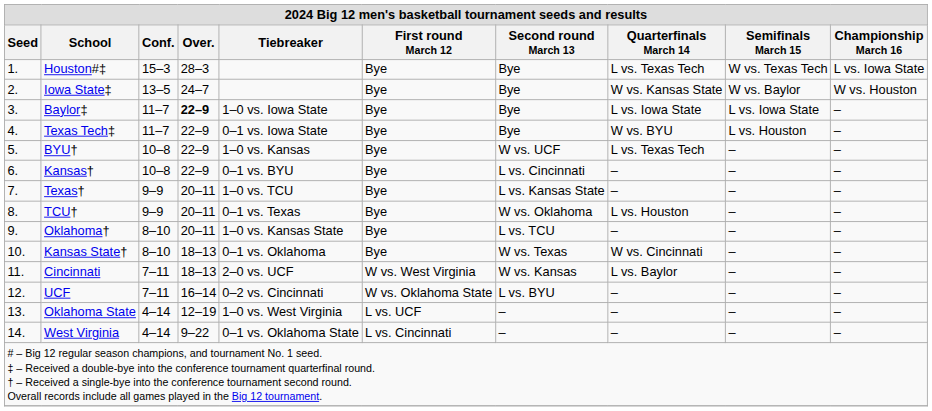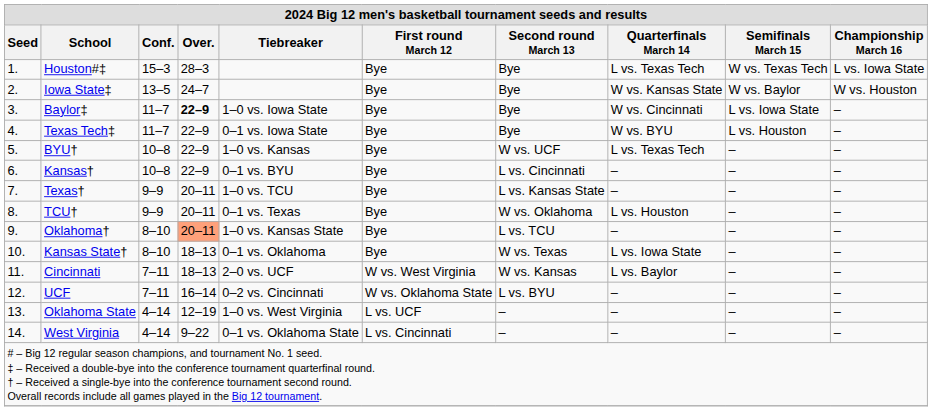 <table class="wikitable" style="white-space:nowrap; font-size:90%;">
 <tr>
 <td colspan="10" style="text-align:center; background:#DDDDDD; font:#000000"><strong>2024 Big 12 men's basketball tournament seeds and results</strong></td>
 </tr>
 <tr bgcolor="#efefef">
 <th>Seed</th>
 <th>School</th>
 <th>Conf.</th>
 <th>Over.</th>
 <th>Tiebreaker</th>
 <th>First round<br><small>March 12</small></th>
 <th>Second round<br><small>March 13</small></th>
 <th>Quarterfinals<br><small>March 14</small></th>
 <th>Semifinals<br><small>March 15</small></th>
 <th>Championship<br><small>March 16</small></th>
 </tr>
 <tr>
 <td>1.</td>
 <td><a href='#'>Houston</a>#‡</td>
 <td>15–3</td>
 <td>28–3</td>
 <td></td>
 <td>Bye</td>
 <td>Bye</td>
 <td>L vs. Texas Tech</td>
 <td>W vs. Texas Tech</td>
 <td>L vs. Iowa State</td>
 </tr>
 <tr>
 <td>2.</td>
 <td><a href='#'>Iowa State</a>‡</td>
 <td>13–5</td>
 <td>24–7</td>
 <td></td>
 <td>Bye</td>
 <td>Bye</td>
 <td>W vs. Kansas State</td>
 <td>W vs. Baylor</td>
 <td>W vs. Houston</td>
 </tr>
 <tr>
 <td>3.</td>
 <td><a href='#'>Baylor</a>‡</td>
 <td>11–7</td>
 <td><strong>22–9</strong></td>
 <td>1–0 vs. Iowa State</td>
 <td>Bye</td>
 <td>Bye</td>
-<td>L vs. Iowa State</td>
+<td>W vs. Cincinnati</td>
 <td>L vs. Iowa State</td>
 <td>–</td>
 </tr>
 <tr>
 <td>4.</td>
 <td><a href='#'>Texas Tech</a>‡</td>
 <td>11–7</td>
 <td>22–9</td>
 <td>0–1 vs. Iowa State</td>
 <td>Bye</td>
 <td>Bye</td>
 <td>W vs. BYU</td>
 <td>L vs. Houston</td>
 <td>–</td>
 </tr>
 <tr>
 <td>5.</td>
 <td><a href='#'>BYU</a>†</td>
 <td>10–8</td>
 <td>22–9</td>
 <td>1–0 vs. Kansas</td>
 <td>Bye</td>
 <td>W vs. UCF</td>
 <td>L vs. Texas Tech</td>
 <td>–</td>
 <td>–</td>
 </tr>
 <tr>
 <td>6.</td>
 <td><a href='#'>Kansas</a>†</td>
 <td>10–8</td>
 <td>22–9</td>
 <td>0–1 vs. BYU</td>
 <td>Bye</td>
 <td>L vs. Cincinnati</td>
 <td>–</td>
 <td>–</td>
 <td>–</td>
 </tr>
 <tr>
 <td>7.</td>
 <td><a href='#'>Texas</a>†</td>
 <td>9–9</td>
 <td>20–11</td>
 <td>1–0 vs. TCU</td>
 <td>Bye</td>
 <td>L vs. Kansas State</td>
 <td>–</td>
 <td>–</td>
 <td>–</td>
 </tr>
 <tr>
 <td>8.</td>
 <td><a href='#'>TCU</a>†</td>
 <td>9–9</td>
 <td>20–11</td>
 <td>0–1 vs. Texas</td>
 <td>Bye</td>
 <td>W vs. Oklahoma</td>
 <td>L vs. Houston</td>
 <td>–</td>
 <td>–</td>
 </tr>
 <tr>
 <td>9.</td>
 <td><a href='#'>Oklahoma</a>†</td>
 <td>8–10</td>
-<td>20–11</td>
+<td style="background: lightsalmon;">20–11</td>
 <td>1–0 vs. Kansas State</td>
 <td>Bye</td>
 <td>L vs. TCU</td>
 <td>–</td>
 <td>–</td>
 <td>–</td>
 </tr>
 <tr>
 <td>10.</td>
 <td><a href='#'>Kansas State</a>†</td>
 <td>8–10</td>
 <td>18–13</td>
 <td>0–1 vs. Oklahoma</td>
 <td>Bye</td>
 <td>W vs. Texas</td>
-<td>W vs. Cincinnati</td>
+<td>L vs. Iowa State</td>
 <td>–</td>
 <td>–</td>
 </tr>
 <tr>
 <td>11.</td>
 <td><a href='#'>Cincinnati</a></td>
 <td>7–11</td>
 <td>18–13</td>
 <td>2–0 vs. UCF</td>
 <td>W vs. West Virginia</td>
 <td>W vs. Kansas</td>
 <td>L vs. Baylor</td>
 <td>–</td>
 <td>–</td>
 </tr>
 <tr>
 <td>12.</td>
 <td><a href='#'>UCF</a></td>
 <td>7–11</td>
 <td>16–14</td>
 <td>0–2 vs. Cincinnati</td>
 <td>W vs. Oklahoma State</td>
 <td>L vs. BYU</td>
 <td>–</td>
 <td>–</td>
 <td>–</td>
 </tr>
 <tr>
 <td>13.</td>
 <td><a href='#'>Oklahoma State</a></td>
 <td>4–14</td>
 <td>12–19</td>
 <td>1–0 vs. West Virginia</td>
 <td>L vs. UCF</td>
 <td>–</td>
 <td>–</td>
 <td>–</td>
 <td>–</td>
 </tr>
 <tr>
 <td>14.</td>
 <td><a href='#'>West Virginia</a></td>
 <td>4–14</td>
 <td>9–22</td>
 <td>0–1 vs. Oklahoma State</td>
 <td>L vs. Cincinnati</td>
 <td>–</td>
 <td>–</td>
 <td>–</td>
 <td>–</td>
 </tr>
 <tr>
 <td colspan="10" style="text-align:left;"><small># – Big 12 regular season champions, and tournament No. 1 seed.<br>‡ – Received a double-bye into the conference tournament quarterfinal round.<br>† – Received a single-bye into the conference tournament second round.<br>Overall records include all games played in the <a href='#'>Big 12 tournament</a>.</small></td>
 </tr>
 <tr>
 </tr>
 </table>
